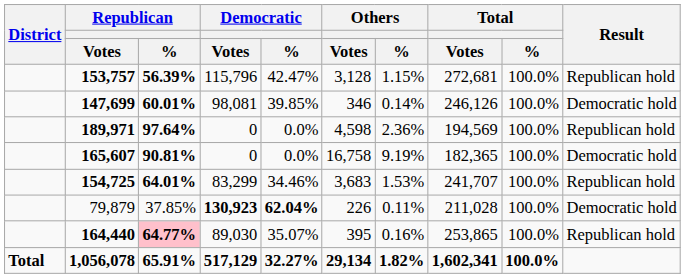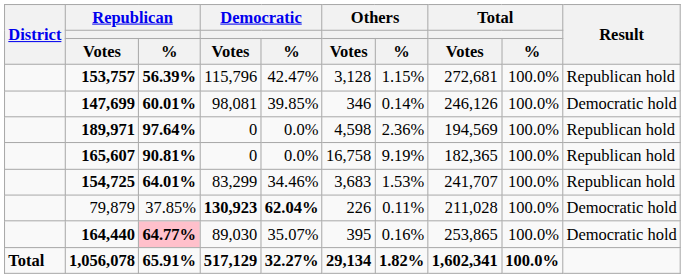 <table class="wikitable plainrowheaders sortable" style="font-size:100%; text-align:right;">
 <tr>
 <th scope=col rowspan=3><a href='#'>District</a></th>
 <th scope=col colspan=2><a href='#'>Republican</a></th>
 <th scope=col colspan=2><a href='#'>Democratic</a></th>
 <th scope=col colspan=2>Others</th>
 <th scope=col colspan=2>Total</th>
 <th scope=col rowspan=3>Result</th>
 </tr>
 <tr>
 <th scope=col colspan=2 style="background:"></th>
 <th scope=col colspan=2 style="background:"></th>
 <th scope=col colspan=2></th>
 <th scope=col colspan=2></th>
 </tr>
 <tr>
 <th scope=col data-sort-type="number">Votes</th>
 <th scope=col data-sort-type="number">%</th>
 <th scope=col data-sort-type="number">Votes</th>
 <th scope=col data-sort-type="number">%</th>
 <th scope=col data-sort-type="number">Votes</th>
 <th scope=col data-sort-type="number">%</th>
 <th scope=col data-sort-type="number">Votes</th>
 <th scope=col data-sort-type="number">%</th>
 </tr>
 <tr>
 <td align=left></td>
 <td><strong>153,757</strong></td>
 <td><strong>56.39%</strong></td>
 <td>115,796</td>
 <td>42.47%</td>
 <td>3,128</td>
 <td>1.15%</td>
 <td>272,681</td>
 <td>100.0%</td>
 <td align=left>Republican hold</td>
 </tr>
 <tr>
 <td align=left></td>
 <td><strong>147,699</strong></td>
 <td><strong>60.01%</strong></td>
 <td>98,081</td>
 <td>39.85%</td>
 <td>346</td>
 <td>0.14%</td>
 <td>246,126</td>
 <td>100.0%</td>
 <td align=left>Democratic hold</td>
 </tr>
 <tr>
 <td align=left></td>
 <td><strong>189,971</strong></td>
 <td><strong>97.64%</strong></td>
 <td>0</td>
 <td>0.0%</td>
 <td>4,598</td>
 <td>2.36%</td>
 <td>194,569</td>
 <td>100.0%</td>
 <td align=left>Republican hold</td>
 </tr>
 <tr>
 <td align=left></td>
 <td><strong>165,607</strong></td>
 <td><strong>90.81%</strong></td>
 <td>0</td>
 <td>0.0%</td>
 <td>16,758</td>
 <td>9.19%</td>
 <td>182,365</td>
 <td>100.0%</td>
-<td align=left>Democratic hold</td>
+<td align=left>Republican hold</td>
 </tr>
 <tr>
 <td align=left></td>
 <td><strong>154,725</strong></td>
 <td><strong>64.01%</strong></td>
 <td>83,299</td>
 <td>34.46%</td>
 <td>3,683</td>
 <td>1.53%</td>
 <td>241,707</td>
 <td>100.0%</td>
 <td align=left>Republican hold</td>
 </tr>
 <tr>
 <td align=left></td>
 <td>79,879</td>
 <td>37.85%</td>
 <td><strong>130,923</strong></td>
 <td><strong>62.04%</strong></td>
 <td>226</td>
 <td>0.11%</td>
 <td>211,028</td>
 <td>100.0%</td>
 <td align=left>Democratic hold</td>
 </tr>
 <tr>
 <td align=left></td>
 <td><strong>164,440</strong></td>
 <td style="background: pink;"><strong>64.77%</strong></td>
 <td>89,030</td>
 <td>35.07%</td>
 <td>395</td>
 <td>0.16%</td>
 <td>253,865</td>
 <td>100.0%</td>
-<td align=left>Republican hold</td>
+<td align=left>Democratic hold</td>
 </tr>
 <tr class="sortbottom" style="font-weight:bold">
 <td align=left>Total</td>
 <td>1,056,078</td>
 <td>65.91%</td>
 <td>517,129</td>
 <td>32.27%</td>
 <td>29,134</td>
 <td>1.82%</td>
 <td>1,602,341</td>
 <td>100.0%</td>
 <td></td>
 </tr>
 </table>
